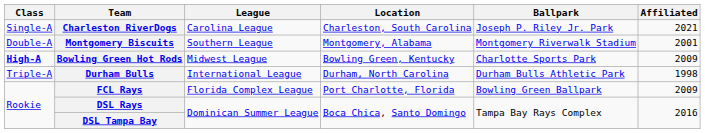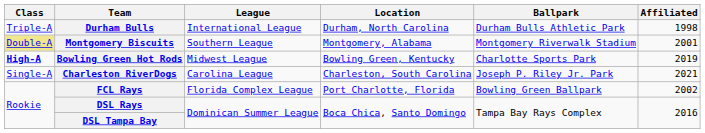 <table class="wikitable plainrowheaders sortable">
 <tr>
 <th scope="col">Class</th>
 <th scope="col">Team</th>
 <th scope="col">League</th>
 <th scope="col">Location</th>
 <th scope="col">Ballpark</th>
 <th scope="col">Affiliated</th>
 </tr>
 <tr>
-<td><a href='#'>Single-A</a></td>
-<th scope="row"><a href='#'>Charleston RiverDogs</a></th>
-<td><a href='#'>Carolina League</a></td>
-<td><a href='#'>Charleston, South Carolina</a></td>
-<td><a href='#'>Joseph P. Riley Jr. Park</a></td>
-<td align="right">2021</td>
+<td><a href='#'>Triple-A</a></td>
+<th scope="row"><a href='#'>Durham Bulls</a></th>
+<td><a href='#'>International League</a></td>
+<td><a href='#'>Durham, North Carolina</a></td>
+<td><a href='#'>Durham Bulls Athletic Park</a></td>
+<td align="right">1998</td>
 </tr>
 <tr>
-<td><a href='#'>Double-A</a></td>
+<td style="background: khaki;"><a href='#'>Double-A</a></td>
 <th scope="row"><a href='#'>Montgomery Biscuits</a></th>
 <td><a href='#'>Southern League</a></td>
 <td><a href='#'>Montgomery, Alabama</a></td>
 <td><a href='#'>Montgomery Riverwalk Stadium</a></td>
 <td align="right">2001</td>
 </tr>
 <tr>
 <td><strong><a href='#'>High-A</a></strong></td>
 <th scope="row"><a href='#'>Bowling Green Hot Rods</a></th>
 <td><a href='#'>Midwest League</a></td>
 <td><a href='#'>Bowling Green, Kentucky</a></td>
 <td><a href='#'>Charlotte Sports Park</a></td>
-<td align="right">2009</td>
+<td align="right">2019</td>
 </tr>
 <tr>
-<td><a href='#'>Triple-A</a></td>
-<th scope="row"><a href='#'>Durham Bulls</a></th>
-<td><a href='#'>International League</a></td>
-<td><a href='#'>Durham, North Carolina</a></td>
-<td><a href='#'>Durham Bulls Athletic Park</a></td>
-<td align="right">1998</td>
+<td><a href='#'>Single-A</a></td>
+<th scope="row"><a href='#'>Charleston RiverDogs</a></th>
+<td><a href='#'>Carolina League</a></td>
+<td><a href='#'>Charleston, South Carolina</a></td>
+<td><a href='#'>Joseph P. Riley Jr. Park</a></td>
+<td align="right">2021</td>
 </tr>
 <tr>
 <td rowspan=3><a href='#'>Rookie</a></td>
 <th scope="row"><a href='#'>FCL Rays</a></th>
 <td><a href='#'>Florida Complex League</a></td>
 <td><a href='#'>Port Charlotte, Florida</a></td>
 <td><a href='#'>Bowling Green Ballpark</a></td>
-<td align="right">2009</td>
+<td align="right">2002</td>
 </tr>
 <tr>
 <th scope="row"><a href='#'>DSL Rays</a></th>
 <td rowspan=2><a href='#'>Dominican Summer League</a></td>
 <td rowspan=2><a href='#'>Boca Chica</a>, <a href='#'>Santo Domingo</a></td>
 <td rowspan=2>Tampa Bay Rays Complex</td>
 <td rowspan=2 align="right">2016</td>
 </tr>
 <tr>
 <th scope="row"><a href='#'>DSL Tampa Bay</a></th>
 </tr>
 </table>
